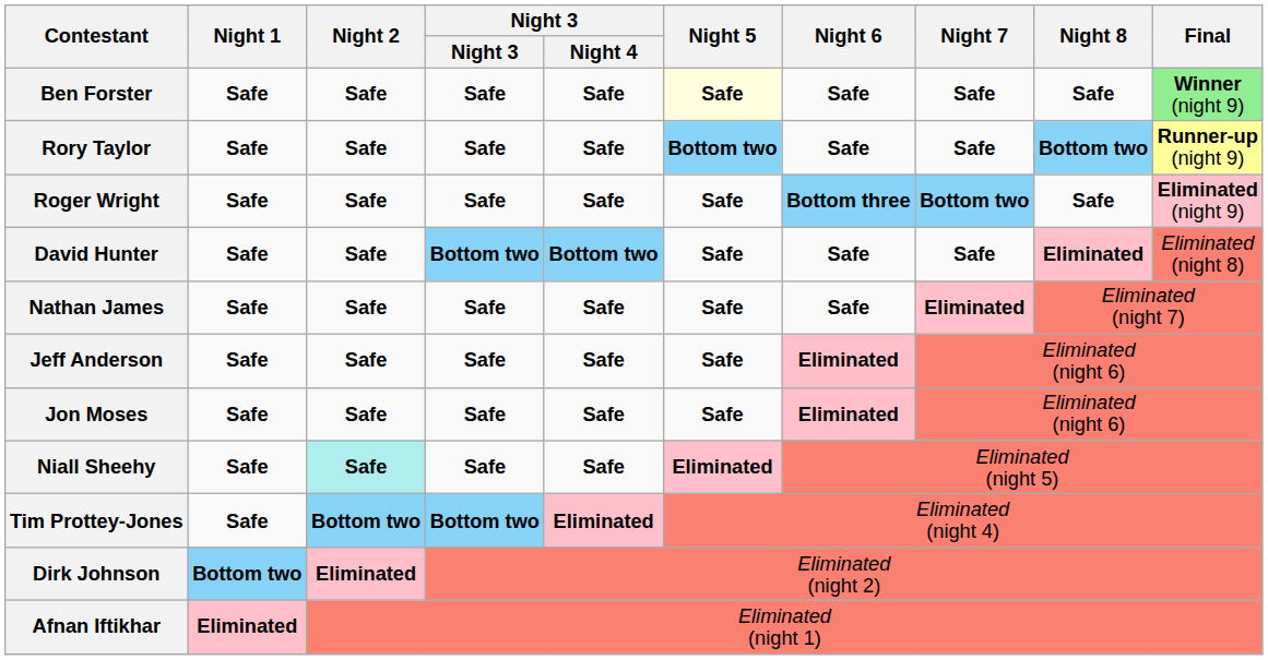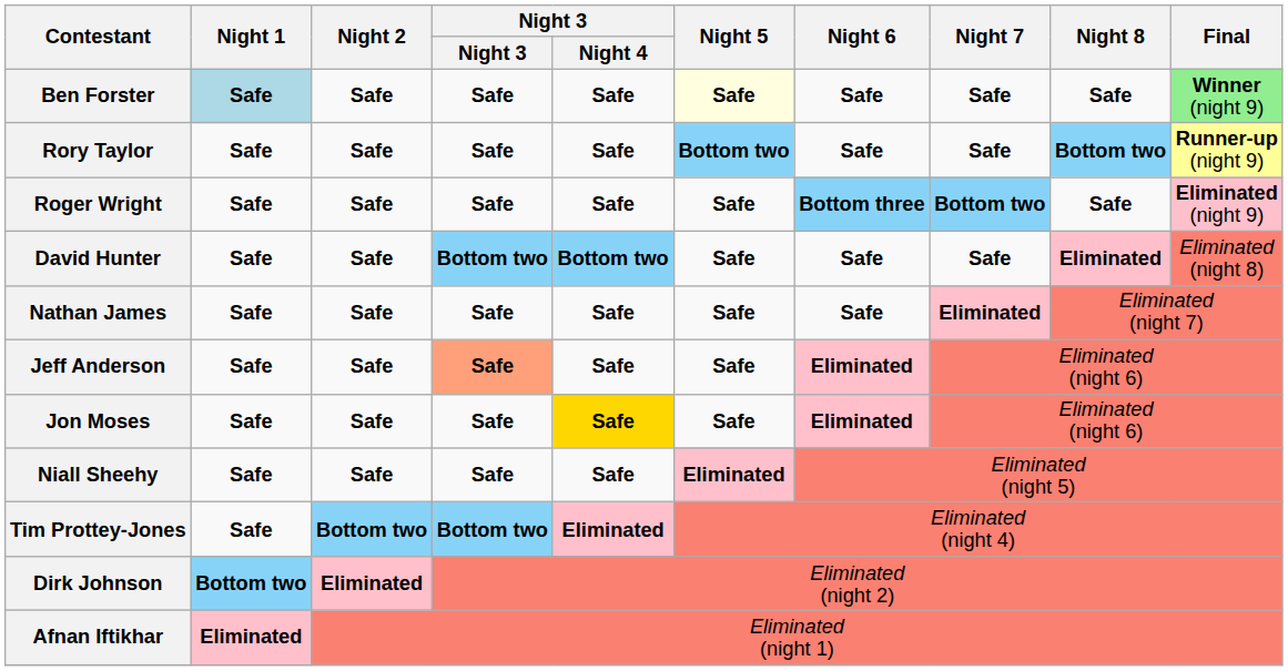 <table class="wikitable" style="text-align:center; font-size:85%">
 <tr>
 <th rowspan="2">Contestant</th>
 <th rowspan="2">Night 1</th>
 <th rowspan="2">Night 2</th>
 <th colspan="2">Night 3</th>
 <th rowspan="2">Night 5</th>
 <th rowspan="2">Night 6</th>
 <th rowspan="2">Night 7</th>
 <th rowspan="2">Night 8</th>
 <th rowspan="2">Final</th>
 </tr>
 <tr>
 <th>Night 3</th>
 <th>Night 4</th>
 </tr>
 <tr>
 <th>Ben Forster</th>
-<td><strong>Safe</strong></td>
+<td style="background: lightblue;"><strong>Safe</strong></td>
 <td><strong>Safe</strong></td>
 <td><strong>Safe</strong></td>
 <td><strong>Safe</strong></td>
 <td style="background: lightyellow;"><strong>Safe</strong></td>
 <td><strong>Safe</strong></td>
 <td><strong>Safe</strong></td>
 <td><strong>Safe</strong></td>
 <td style="background:lightgreen"><strong>Winner</strong><br>(night 9)</td>
 </tr>
 <tr>
 <th>Rory Taylor</th>
 <td><strong>Safe</strong></td>
 <td><strong>Safe</strong></td>
 <td><strong>Safe</strong></td>
 <td><strong>Safe</strong></td>
 <td style = "background:#87D3F8"><strong>Bottom two</strong></td>
 <td><strong>Safe</strong></td>
 <td><strong>Safe</strong></td>
 <td style = "background:#87D3F8"><strong>Bottom two</strong></td>
 <td style="background:#ff9"><strong>Runner-up</strong><br>(night 9)</td>
 </tr>
 <tr>
 <th>Roger Wright</th>
 <td><strong>Safe</strong></td>
 <td><strong>Safe</strong></td>
 <td><strong>Safe</strong></td>
 <td><strong>Safe</strong></td>
 <td><strong>Safe</strong></td>
 <td style = "background:#87D3F8"><strong>Bottom three</strong></td>
 <td style = "background:#87D3F8"><strong>Bottom two</strong></td>
 <td><strong>Safe</strong></td>
 <td style = "background:pink"><strong>Eliminated</strong><br>(night 9)</td>
 </tr>
 <tr>
 <th>David Hunter</th>
 <td><strong>Safe</strong></td>
 <td><strong>Safe</strong></td>
 <td style = "background:#87D3F8"><strong>Bottom two</strong></td>
 <td style = "background:#87D3F8"><strong>Bottom two</strong></td>
 <td><strong>Safe</strong></td>
 <td><strong>Safe</strong></td>
 <td><strong>Safe</strong></td>
 <td style = "background:pink"><strong>Eliminated</strong></td>
 <td style="background:#FA8072" colspan=2><em>Eliminated</em><br>(night 8)</td>
 </tr>
 <tr>
 <th>Nathan James</th>
 <td><strong>Safe</strong></td>
 <td><strong>Safe</strong></td>
 <td><strong>Safe</strong></td>
 <td><strong>Safe</strong></td>
 <td><strong>Safe</strong></td>
 <td><strong>Safe</strong></td>
 <td style = "background:pink"><strong>Eliminated</strong></td>
 <td style = "background:#FA8072" colspan=3><em>Eliminated</em><br>(night 7)</td>
 </tr>
 <tr>
 <th>Jeff Anderson</th>
 <td><strong>Safe</strong></td>
 <td><strong>Safe</strong></td>
-<td><strong>Safe</strong></td>
+<td style="background: lightsalmon;"><strong>Safe</strong></td>
 <td><strong>Safe</strong></td>
 <td><strong>Safe</strong></td>
 <td style = "background:pink"><strong>Eliminated</strong></td>
 <td style = "background:#FA8072" colspan=4><em>Eliminated</em><br>(night 6)</td>
 </tr>
 <tr>
 <th>Jon Moses</th>
 <td><strong>Safe</strong></td>
 <td><strong>Safe</strong></td>
 <td><strong>Safe</strong></td>
-<td><strong>Safe</strong></td>
+<td style="background: gold;"><strong>Safe</strong></td>
 <td><strong>Safe</strong></td>
 <td style = "background:pink"><strong>Eliminated</strong></td>
 <td style = "background:#FA8072" colspan=5><em>Eliminated</em><br>(night 6)</td>
 </tr>
 <tr>
 <th>Niall Sheehy</th>
 <td><strong>Safe</strong></td>
-<td style="background: paleturquoise;"><strong>Safe</strong></td>
+<td><strong>Safe</strong></td>
 <td><strong>Safe</strong></td>
 <td><strong>Safe</strong></td>
 <td style = "background:pink"><strong>Eliminated</strong></td>
 <td style = "background:#FA8072" colspan=6><em>Eliminated</em><br>(night 5)</td>
 </tr>
 <tr>
 <th>Tim Prottey-Jones</th>
 <td><strong>Safe</strong></td>
 <td style = "background:#87D3F8"><strong>Bottom two</strong></td>
 <td style = "background:#87D3F8"><strong>Bottom two</strong></td>
 <td style = "background:pink"><strong>Eliminated</strong></td>
 <td style = "background:#FA8072" colspan=7><em>Eliminated</em><br>(night 4)</td>
 </tr>
 <tr>
 <th>Dirk Johnson</th>
 <td style = "background:#87D3F8"><strong>Bottom two</strong></td>
 <td style = "background:pink"><strong>Eliminated</strong></td>
 <td style = "background:#FA8072" colspan=7><em>Eliminated</em><br>(night 2)</td>
 </tr>
 <tr>
 <th>Afnan Iftikhar</th>
 <td style = "background:pink"><strong>Eliminated</strong></td>
 <td style = "background:#FA8072" colspan=8><em>Eliminated</em><br>(night 1)</td>
 </tr>
 <tr>
 </tr>
 </table>
